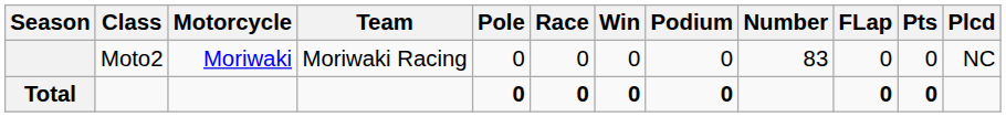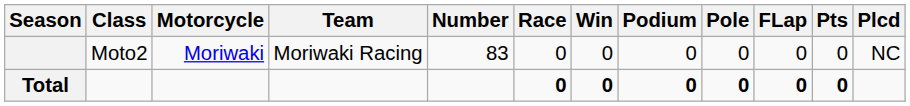 <table class="wikitable" style=text-align:right>
 <tr>
 <th>Season</th>
 <th>Class</th>
 <th>Motorcycle</th>
 <th>Team</th>
-<th>Pole</th>
+<th>Number</th>
 <th>Race</th>
 <th>Win</th>
 <th>Podium</th>
-<th>Number</th>
+<th>Pole</th>
 <th>FLap</th>
 <th>Pts</th>
 <th>Plcd</th>
 </tr>
 <tr>
 <th></th>
 <td>Moto2</td>
 <td><a href='#'>Moriwaki</a></td>
 <td>Moriwaki Racing</td>
+<td>83</td>
 <td>0</td>
 <td>0</td>
 <td>0</td>
 <td>0</td>
-<td>83</td>
 <td>0</td>
 <td>0</td>
 <td>NC</td>
 </tr>
 <tr>
 <th>Total</th>
 <td></td>
 <td></td>
 <td></td>
+<td></td>
+<td><strong>0</strong></td>
+<td><strong>0</strong></td>
 <td><strong>0</strong></td>
 <td><strong>0</strong></td>
 <td><strong>0</strong></td>
 <td><strong>0</strong></td>
 <td></td>
-<td><strong>0</strong></td>
-<td><strong>0</strong></td>
-<td></td>
 </tr>
 </table>
